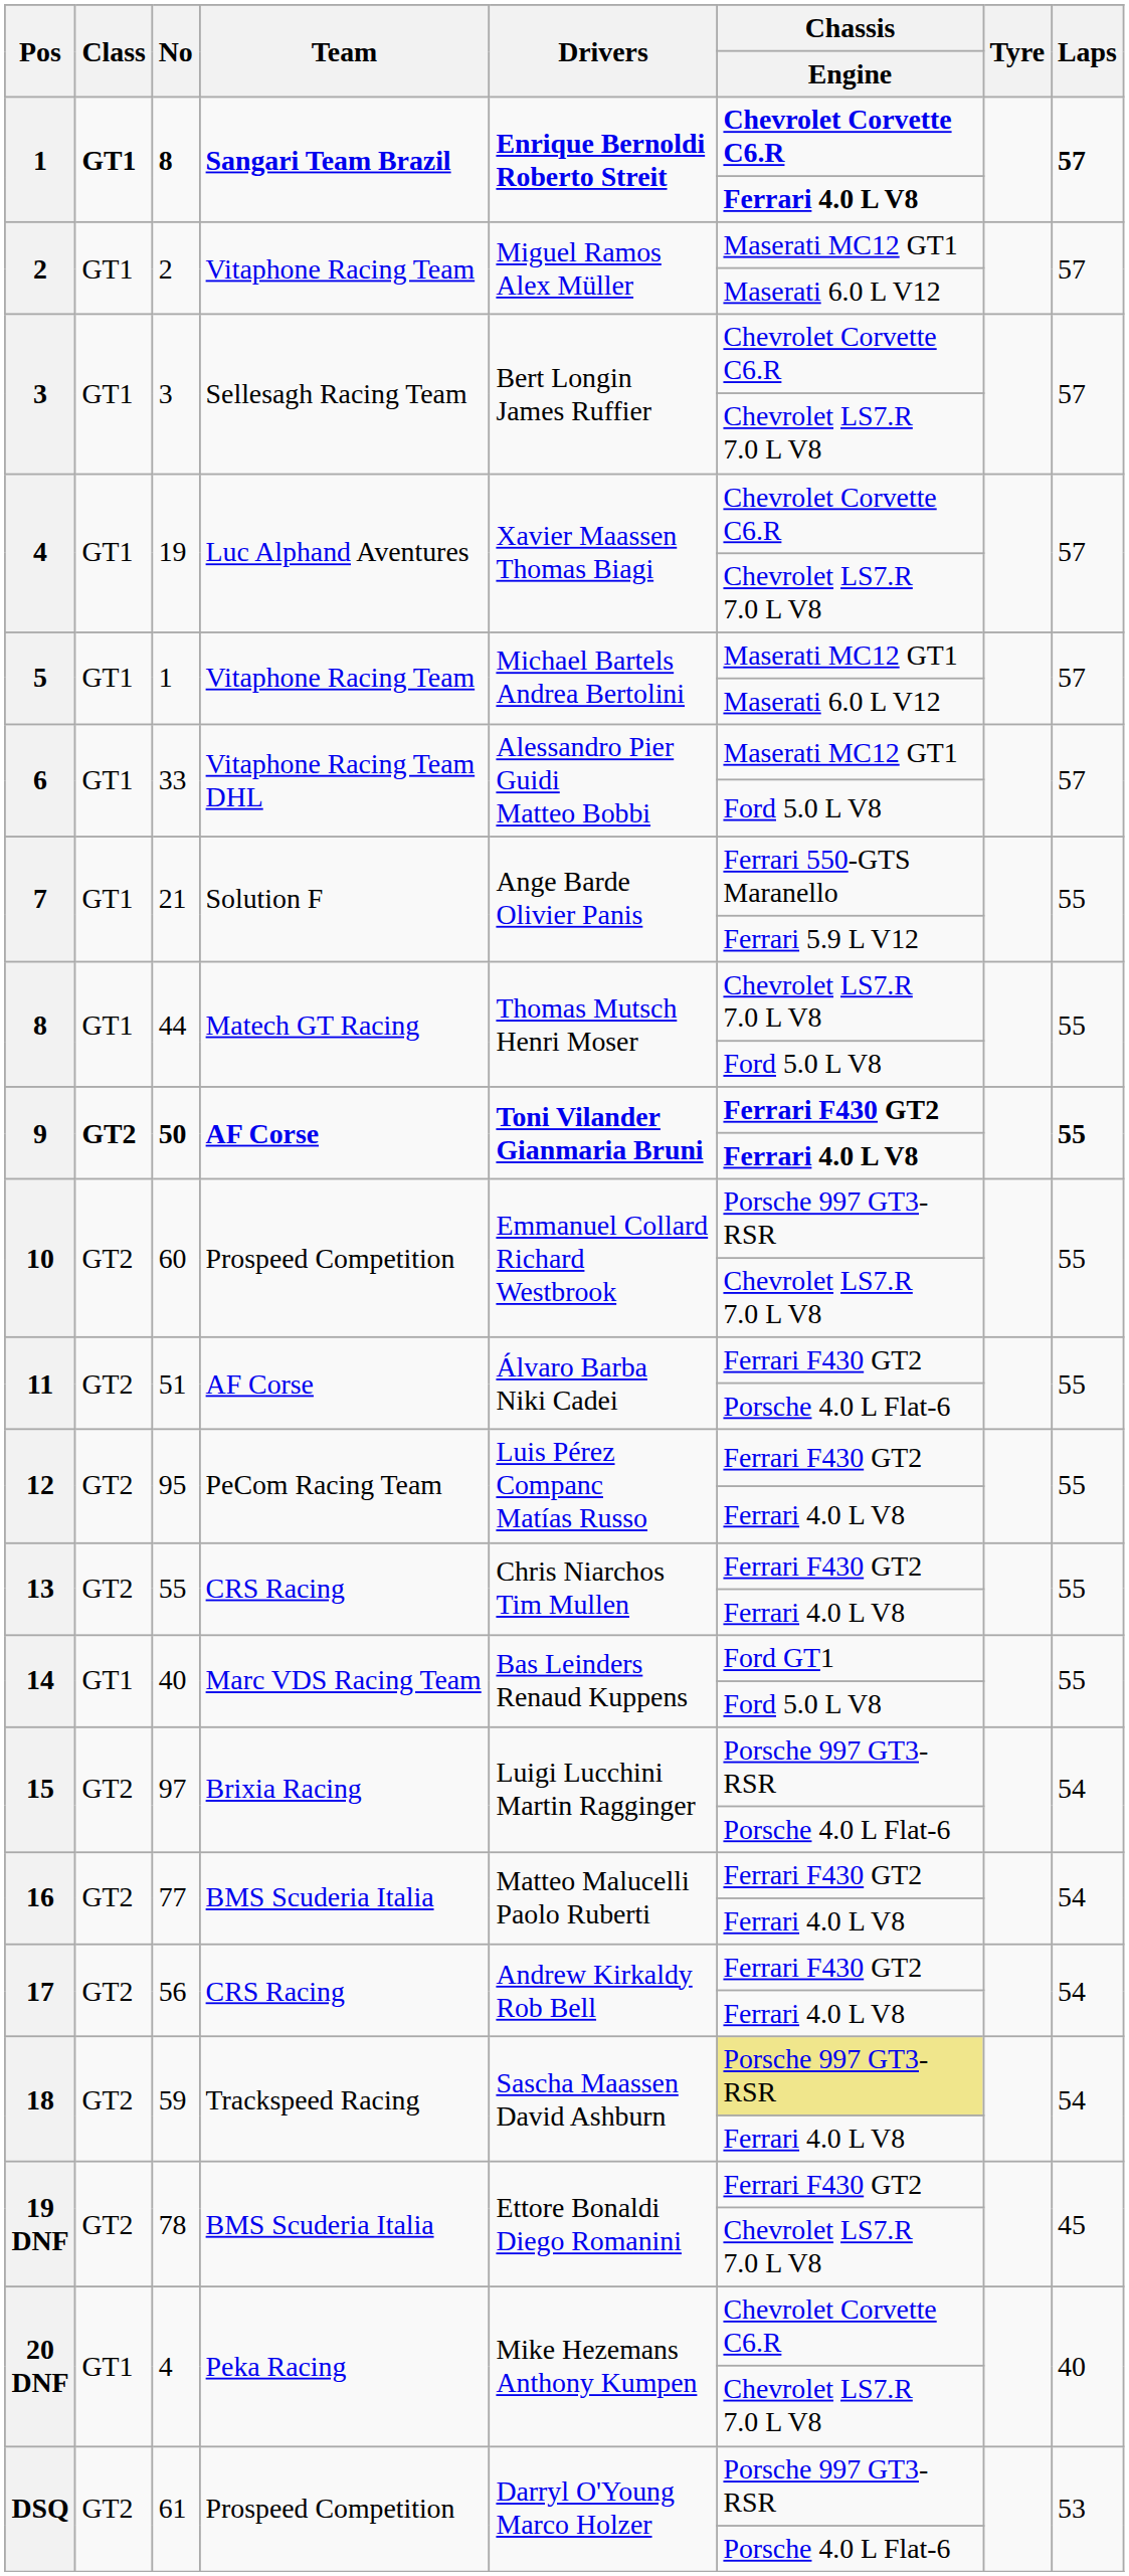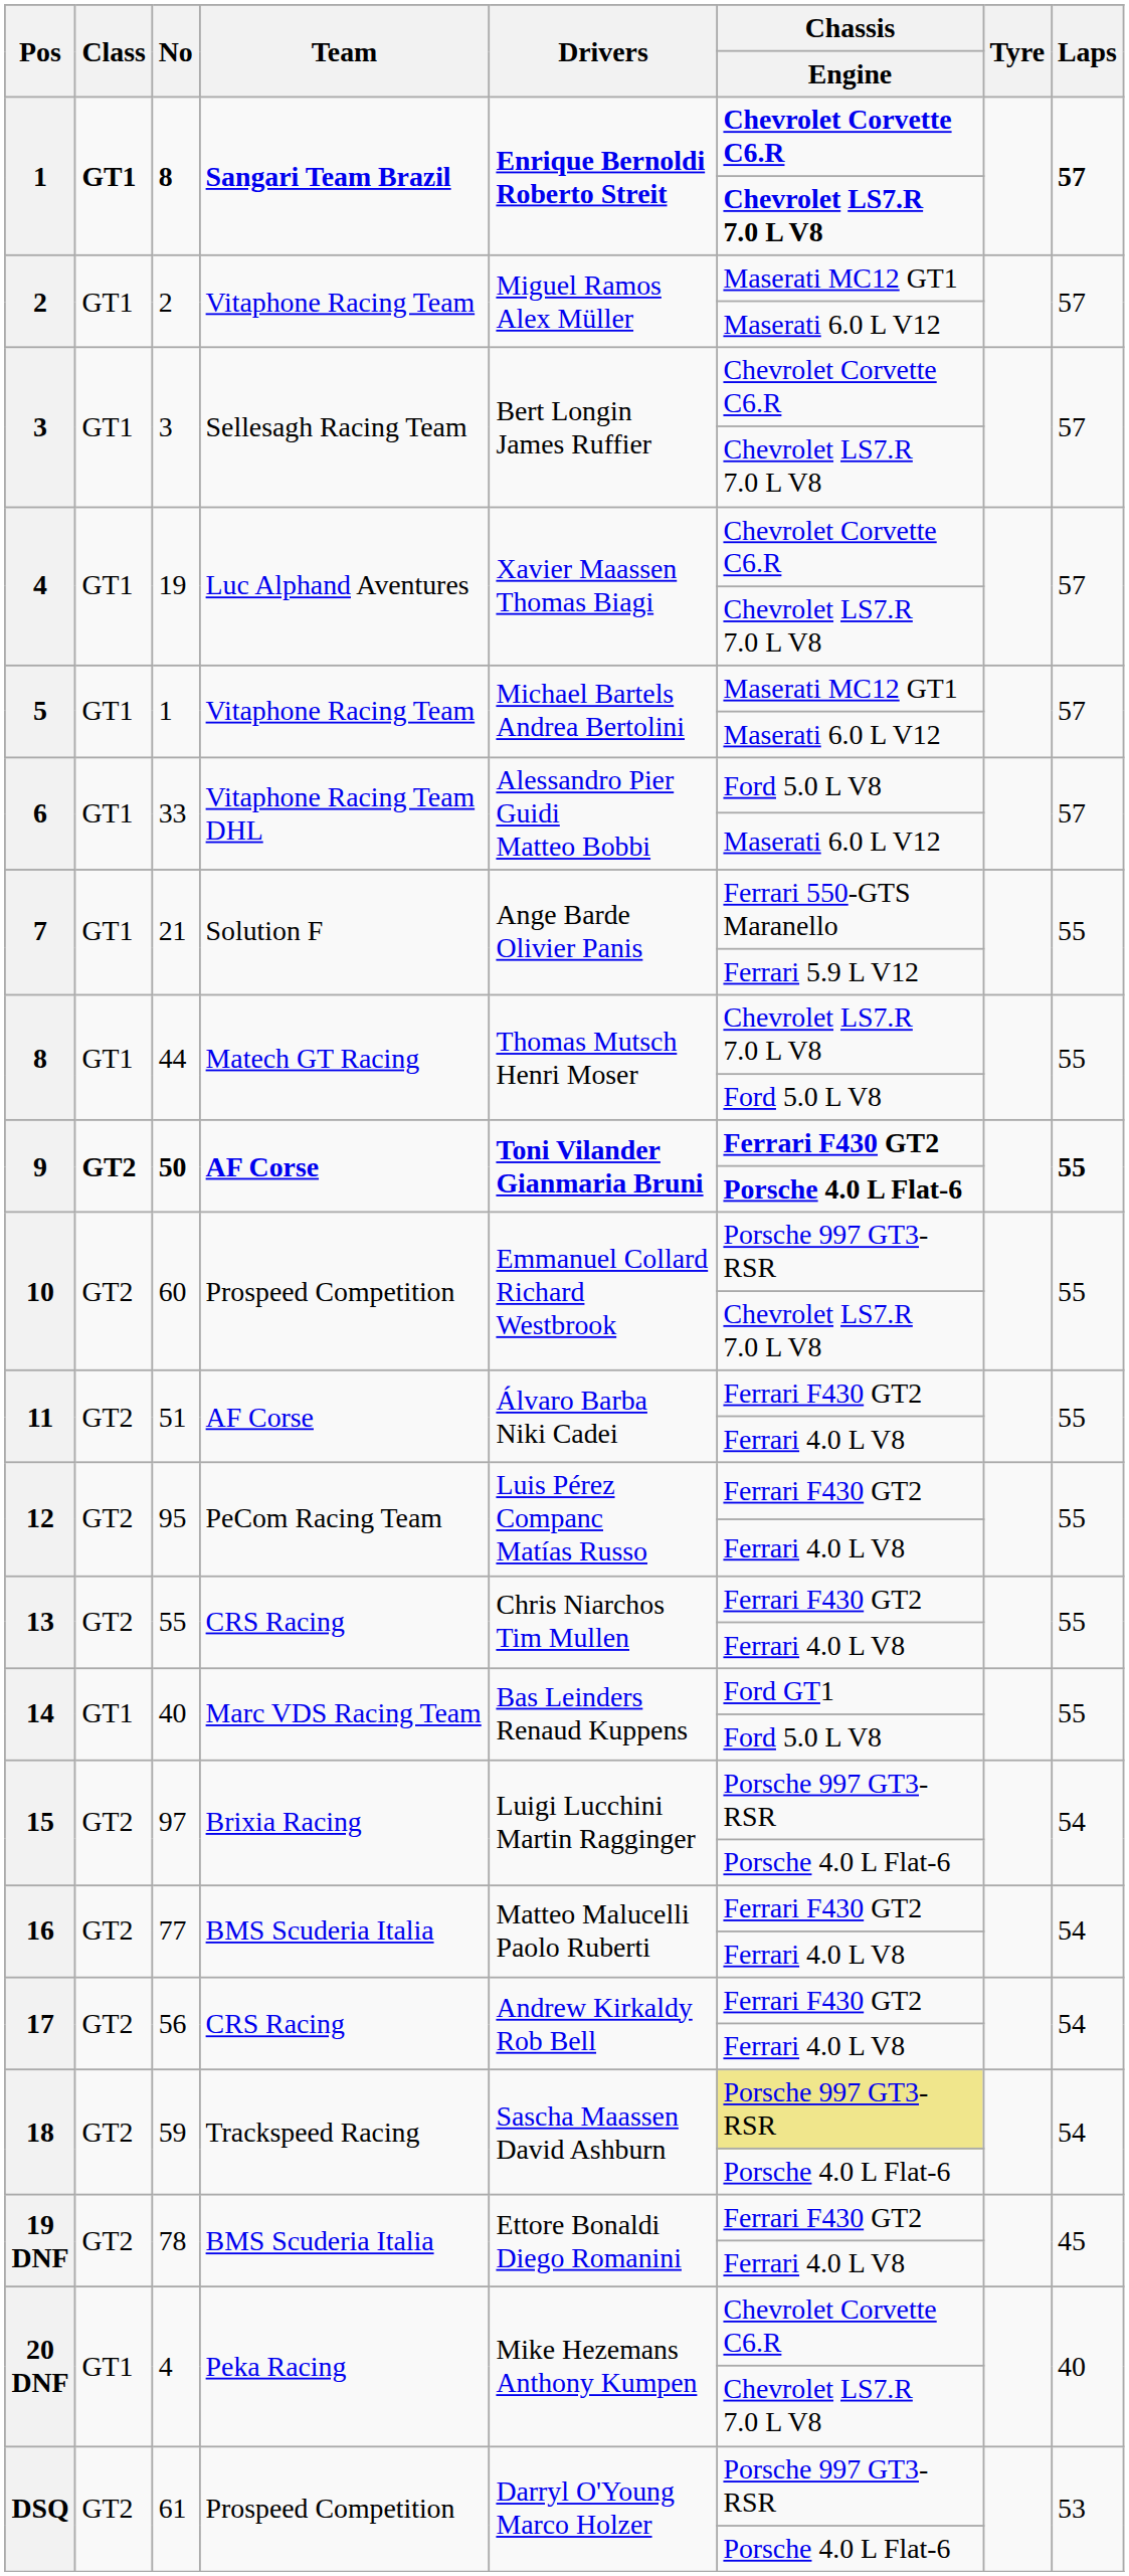 <table class="wikitable" style="font-size: 95%;">
 <tr>
 <th rowspan=2>Pos</th>
 <th rowspan=2>Class</th>
 <th rowspan=2>No</th>
 <th rowspan=2>Team</th>
 <th rowspan=2>Drivers</th>
 <th>Chassis</th>
 <th rowspan=2>Tyre</th>
 <th rowspan=2>Laps</th>
 </tr>
 <tr>
 <th>Engine</th>
 </tr>
 <tr style="font-weight:bold">
 <th rowspan=2>1</th>
 <td rowspan=2>GT1</td>
 <td rowspan=2>8</td>
 <td rowspan=2> <a href='#'>Sangari Team Brazil</a></td>
 <td rowspan=2> <a href='#'>Enrique Bernoldi</a><br> <a href='#'>Roberto Streit</a></td>
 <td><a href='#'>Chevrolet Corvette C6.R</a></td>
 <td rowspan=2></td>
 <td rowspan=2>57</td>
 </tr>
 <tr style="font-weight:bold">
-<td><a href='#'>Ferrari</a> 4.0 L V8</td>
+<td><a href='#'>Chevrolet</a> <a href='#'>LS7.R</a> 7.0 L V8</td>
 </tr>
 <tr>
 <th rowspan=2>2</th>
 <td rowspan=2>GT1</td>
 <td rowspan=2>2</td>
 <td rowspan=2> <a href='#'>Vitaphone Racing Team</a></td>
 <td rowspan=2> <a href='#'>Miguel Ramos</a><br> <a href='#'>Alex Müller</a></td>
 <td><a href='#'>Maserati MC12</a> GT1</td>
 <td rowspan=2></td>
 <td rowspan=2>57</td>
 </tr>
 <tr>
 <td><a href='#'>Maserati</a> 6.0 L V12</td>
 </tr>
 <tr>
 <th rowspan=2>3</th>
 <td rowspan=2>GT1</td>
 <td rowspan=2>3</td>
 <td rowspan=2> Sellesagh Racing Team</td>
 <td rowspan=2> Bert Longin<br> James Ruffier</td>
 <td><a href='#'>Chevrolet Corvette C6.R</a></td>
 <td rowspan=2></td>
 <td rowspan=2>57</td>
 </tr>
 <tr>
 <td><a href='#'>Chevrolet</a> <a href='#'>LS7.R</a> 7.0 L V8</td>
 </tr>
 <tr>
 <th rowspan=2>4</th>
 <td rowspan=2>GT1</td>
 <td rowspan=2>19</td>
 <td rowspan=2> <a href='#'>Luc Alphand</a> Aventures</td>
 <td rowspan=2> <a href='#'>Xavier Maassen</a><br> <a href='#'>Thomas Biagi</a></td>
 <td><a href='#'>Chevrolet Corvette C6.R</a></td>
 <td rowspan=2></td>
 <td rowspan=2>57</td>
 </tr>
 <tr>
 <td><a href='#'>Chevrolet</a> <a href='#'>LS7.R</a> 7.0 L V8</td>
 </tr>
 <tr>
 <th rowspan=2>5</th>
 <td rowspan=2>GT1</td>
 <td rowspan=2>1</td>
 <td rowspan=2> <a href='#'>Vitaphone Racing Team</a></td>
 <td rowspan=2> <a href='#'>Michael Bartels</a><br> <a href='#'>Andrea Bertolini</a></td>
 <td><a href='#'>Maserati MC12</a> GT1</td>
 <td rowspan=2></td>
 <td rowspan=2>57</td>
 </tr>
 <tr>
 <td><a href='#'>Maserati</a> 6.0 L V12</td>
 </tr>
 <tr>
 <th rowspan=2>6</th>
 <td rowspan=2>GT1</td>
 <td rowspan=2>33</td>
 <td rowspan=2> <a href='#'>Vitaphone Racing Team</a> <a href='#'>DHL</a></td>
 <td rowspan=2> <a href='#'>Alessandro Pier Guidi</a><br> <a href='#'>Matteo Bobbi</a></td>
-<td><a href='#'>Maserati MC12</a> GT1</td>
+<td><a href='#'>Ford</a> 5.0 L V8</td>
 <td rowspan=2></td>
 <td rowspan=2>57</td>
 </tr>
 <tr>
-<td><a href='#'>Ford</a> 5.0 L V8</td>
+<td><a href='#'>Maserati</a> 6.0 L V12</td>
 </tr>
 <tr>
 <th rowspan=2>7</th>
 <td rowspan=2>GT1</td>
 <td rowspan=2>21</td>
 <td rowspan=2> Solution F</td>
 <td rowspan=2> Ange Barde<br> <a href='#'>Olivier Panis</a></td>
 <td><a href='#'>Ferrari 550</a>-GTS Maranello</td>
 <td rowspan=2></td>
 <td rowspan=2>55</td>
 </tr>
 <tr>
 <td><a href='#'>Ferrari</a> 5.9 L V12</td>
 </tr>
 <tr>
 <th rowspan=2>8</th>
 <td rowspan=2>GT1</td>
 <td rowspan=2>44</td>
 <td rowspan=2> <a href='#'>Matech GT Racing</a></td>
 <td rowspan=2> <a href='#'>Thomas Mutsch</a><br> Henri Moser</td>
 <td><a href='#'>Chevrolet</a> <a href='#'>LS7.R</a> 7.0 L V8</td>
 <td rowspan=2></td>
 <td rowspan=2>55</td>
 </tr>
 <tr>
 <td><a href='#'>Ford</a> 5.0 L V8</td>
 </tr>
 <tr style="font-weight:bold">
 <th rowspan=2>9</th>
 <td rowspan=2>GT2</td>
 <td rowspan=2>50</td>
 <td rowspan=2> <a href='#'>AF Corse</a></td>
 <td rowspan=2> <a href='#'>Toni Vilander</a><br> <a href='#'>Gianmaria Bruni</a></td>
 <td><a href='#'>Ferrari F430</a> GT2</td>
 <td rowspan=2></td>
 <td rowspan=2>55</td>
 </tr>
 <tr style="font-weight:bold">
-<td><a href='#'>Ferrari</a> 4.0 L V8</td>
+<td><a href='#'>Porsche</a> 4.0 L Flat-6</td>
 </tr>
 <tr>
 <th rowspan=2>10</th>
 <td rowspan=2>GT2</td>
 <td rowspan=2>60</td>
 <td rowspan=2> Prospeed Competition</td>
 <td rowspan=2> <a href='#'>Emmanuel Collard</a><br> <a href='#'>Richard Westbrook</a></td>
 <td><a href='#'>Porsche 997 GT3</a>-RSR</td>
 <td rowspan=2></td>
 <td rowspan=2>55</td>
 </tr>
 <tr>
 <td><a href='#'>Chevrolet</a> <a href='#'>LS7.R</a> 7.0 L V8</td>
 </tr>
 <tr>
 <th rowspan=2>11</th>
 <td rowspan=2>GT2</td>
 <td rowspan=2>51</td>
 <td rowspan=2> <a href='#'>AF Corse</a></td>
 <td rowspan=2> <a href='#'>Álvaro Barba</a><br> Niki Cadei</td>
 <td><a href='#'>Ferrari F430</a> GT2</td>
 <td rowspan=2></td>
 <td rowspan=2>55</td>
 </tr>
 <tr>
-<td><a href='#'>Porsche</a> 4.0 L Flat-6</td>
+<td><a href='#'>Ferrari</a> 4.0 L V8</td>
 </tr>
 <tr>
 <th rowspan=2>12</th>
 <td rowspan=2>GT2</td>
 <td rowspan=2>95</td>
 <td rowspan=2> PeCom Racing Team</td>
 <td rowspan=2> <a href='#'>Luis Pérez Companc</a><br> <a href='#'>Matías Russo</a></td>
 <td><a href='#'>Ferrari F430</a> GT2</td>
 <td rowspan=2></td>
 <td rowspan=2>55</td>
 </tr>
 <tr>
 <td><a href='#'>Ferrari</a> 4.0 L V8</td>
 </tr>
 <tr>
 <th rowspan=2>13</th>
 <td rowspan=2>GT2</td>
 <td rowspan=2>55</td>
 <td rowspan=2> <a href='#'>CRS Racing</a></td>
 <td rowspan=2> Chris Niarchos<br> <a href='#'>Tim Mullen</a></td>
 <td><a href='#'>Ferrari F430</a> GT2</td>
 <td rowspan=2></td>
 <td rowspan=2>55</td>
 </tr>
 <tr>
 <td><a href='#'>Ferrari</a> 4.0 L V8</td>
 </tr>
 <tr>
 <th rowspan=2>14</th>
 <td rowspan=2>GT1</td>
 <td rowspan=2>40</td>
 <td rowspan=2> <a href='#'>Marc VDS Racing Team</a></td>
 <td rowspan=2> <a href='#'>Bas Leinders</a><br> Renaud Kuppens</td>
 <td><a href='#'>Ford GT</a>1</td>
 <td rowspan=2></td>
 <td rowspan=2>55</td>
 </tr>
 <tr>
 <td><a href='#'>Ford</a> 5.0 L V8</td>
 </tr>
 <tr>
 <th rowspan=2>15</th>
 <td rowspan=2>GT2</td>
 <td rowspan=2>97</td>
 <td rowspan=2> <a href='#'>Brixia Racing</a></td>
 <td rowspan=2> Luigi Lucchini<br> Martin Ragginger</td>
 <td><a href='#'>Porsche 997 GT3</a>-RSR</td>
 <td rowspan=2></td>
 <td rowspan=2>54</td>
 </tr>
 <tr>
 <td><a href='#'>Porsche</a> 4.0 L Flat-6</td>
 </tr>
 <tr>
 <th rowspan=2>16</th>
 <td rowspan=2>GT2</td>
 <td rowspan=2>77</td>
 <td rowspan=2> <a href='#'>BMS Scuderia Italia</a></td>
 <td rowspan=2> Matteo Malucelli<br> Paolo Ruberti</td>
 <td><a href='#'>Ferrari F430</a> GT2</td>
 <td rowspan=2></td>
 <td rowspan=2>54</td>
 </tr>
 <tr>
 <td><a href='#'>Ferrari</a> 4.0 L V8</td>
 </tr>
 <tr>
 <th rowspan=2>17</th>
 <td rowspan=2>GT2</td>
 <td rowspan=2>56</td>
 <td rowspan=2> <a href='#'>CRS Racing</a></td>
 <td rowspan=2> <a href='#'>Andrew Kirkaldy</a><br> <a href='#'>Rob Bell</a></td>
 <td><a href='#'>Ferrari F430</a> GT2</td>
 <td rowspan=2></td>
 <td rowspan=2>54</td>
 </tr>
 <tr>
 <td><a href='#'>Ferrari</a> 4.0 L V8</td>
 </tr>
 <tr>
 <th rowspan=2>18</th>
 <td rowspan=2>GT2</td>
 <td rowspan=2>59</td>
 <td rowspan=2> Trackspeed Racing</td>
 <td rowspan=2> <a href='#'>Sascha Maassen</a><br> David Ashburn</td>
 <td style="background: khaki;"><a href='#'>Porsche 997 GT3</a>-RSR</td>
 <td rowspan=2></td>
 <td rowspan=2>54</td>
 </tr>
 <tr>
-<td><a href='#'>Ferrari</a> 4.0 L V8</td>
+<td><a href='#'>Porsche</a> 4.0 L Flat-6</td>
 </tr>
 <tr>
 <th rowspan=2>19<br>DNF</th>
 <td rowspan=2>GT2</td>
 <td rowspan=2>78</td>
 <td rowspan=2> <a href='#'>BMS Scuderia Italia</a></td>
 <td rowspan=2> Ettore Bonaldi<br> <a href='#'>Diego Romanini</a></td>
 <td><a href='#'>Ferrari F430</a> GT2</td>
 <td rowspan=2></td>
 <td rowspan=2>45</td>
 </tr>
 <tr>
-<td><a href='#'>Chevrolet</a> <a href='#'>LS7.R</a> 7.0 L V8</td>
+<td><a href='#'>Ferrari</a> 4.0 L V8</td>
 </tr>
 <tr>
 <th rowspan=2>20<br>DNF</th>
 <td rowspan=2>GT1</td>
 <td rowspan=2>4</td>
 <td rowspan=2> <a href='#'>Peka Racing</a></td>
 <td rowspan=2> Mike Hezemans<br> <a href='#'>Anthony Kumpen</a></td>
 <td><a href='#'>Chevrolet Corvette C6.R</a></td>
 <td rowspan=2></td>
 <td rowspan=2>40</td>
 </tr>
 <tr>
 <td><a href='#'>Chevrolet</a> <a href='#'>LS7.R</a> 7.0 L V8</td>
 </tr>
 <tr>
 <th rowspan=2>DSQ</th>
 <td rowspan=2>GT2</td>
 <td rowspan=2>61</td>
 <td rowspan=2> Prospeed Competition</td>
 <td rowspan=2> <a href='#'>Darryl O'Young</a><br> <a href='#'>Marco Holzer</a></td>
 <td><a href='#'>Porsche 997 GT3</a>-RSR</td>
 <td rowspan=2></td>
 <td rowspan=2>53</td>
 </tr>
 <tr>
 <td><a href='#'>Porsche</a> 4.0 L Flat-6</td>
 </tr>
 <tr>
 </tr>
 </table>
